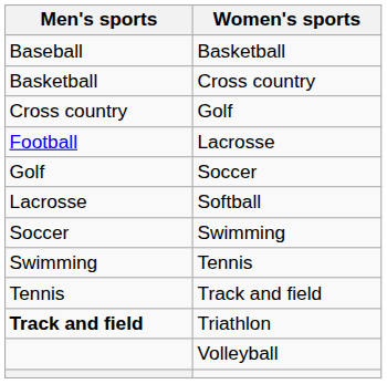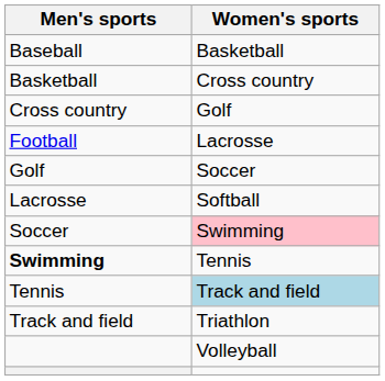 <table class="wikitable" style=" ">
 <tr>
 <th width=150px>Men's sports</th>
 <th width=150px>Women's sports</th>
 </tr>
 <tr>
 <td>Baseball</td>
 <td>Basketball</td>
 </tr>
 <tr>
 <td>Basketball</td>
 <td>Cross country</td>
 </tr>
 <tr>
 <td>Cross country</td>
 <td>Golf</td>
 </tr>
 <tr>
 <td><a href='#'>Football</a></td>
 <td>Lacrosse</td>
 </tr>
 <tr>
 <td>Golf</td>
 <td>Soccer</td>
 </tr>
 <tr>
 <td>Lacrosse</td>
 <td>Softball</td>
 </tr>
 <tr>
 <td>Soccer</td>
-<td>Swimming</td>
+<td style="background: pink;">Swimming</td>
 </tr>
 <tr>
-<td>Swimming</td>
+<td><strong>Swimming</strong></td>
 <td>Tennis</td>
 </tr>
 <tr>
 <td>Tennis</td>
-<td>Track and field</td>
+<td style="background: lightblue;">Track and field</td>
 </tr>
 <tr>
-<td><strong>Track and field</strong></td>
+<td>Track and field</td>
 <td>Triathlon</td>
 </tr>
 <tr>
 <td></td>
 <td>Volleyball</td>
 </tr>
 <tr>
 <th></th>
 </tr>
 </table>
